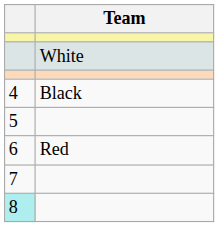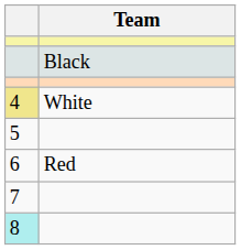 <table class="wikitable">
 <tr>
 <th width=20></th>
 <th width=150>Team</th>
 </tr>
 <tr style="background:#F7F6A8;">
 <td style="text-align:center;"></td>
 <td></td>
 </tr>
 <tr style="background:#DCE5E5;">
 <td style="text-align:center;"></td>
-<td> White</td>
+<td> Black</td>
 </tr>
 <tr style="background:#FFDAB9;">
 <td style="text-align:center;"></td>
 <td></td>
 </tr>
 <tr>
-<td>4</td>
-<td> Black</td>
+<td style="background: khaki;">4</td>
+<td> White</td>
 </tr>
 <tr>
 <td>5</td>
 <td></td>
 </tr>
 <tr>
 <td>6</td>
 <td> Red</td>
 </tr>
 <tr>
 <td>7</td>
 <td></td>
 </tr>
 <tr>
 <td style="background: paleturquoise;">8</td>
 <td></td>
 </tr>
 </table>
